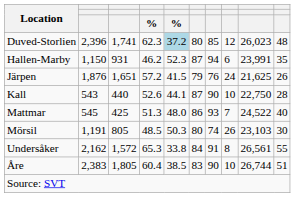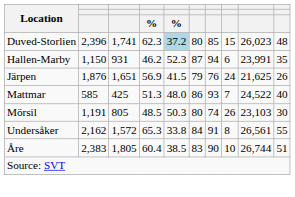 <table role="presentation" class="wikitable sortable mw-collapsible">
 <tr>
 <th rowspan="3">Location</th>
 <th></th>
 <th></th>
 <th></th>
 <th></th>
 <th></th>
 <th></th>
 <th></th>
 <th></th>
 <th></th>
 </tr>
 <tr>
 <th></th>
 <th></th>
 <th style="background:"></th>
 <th style="background:"></th>
 <th></th>
 <th></th>
 <th></th>
 <th></th>
 <th></th>
 </tr>
 <tr>
 <th data-sort-type="number"></th>
 <th data-sort-type="number"></th>
 <th data-sort-type="number">%</th>
 <th data-sort-type="number">%</th>
 <th data-sort-type="number"></th>
 <th data-sort-type="number"></th>
 <th data-sort-type="number"></th>
 <th data-sort-type="number"></th>
 <th data-sort-type="number"></th>
 </tr>
 <tr>
 <td align="left">Duved-Storlien</td>
 <td>2,396</td>
 <td>1,741</td>
 <td>62.3</td>
 <td style="background: lightblue;">37.2</td>
 <td>80</td>
 <td>85</td>
-<td>12</td>
+<td>15</td>
 <td>26,023</td>
 <td>48</td>
 </tr>
 <tr>
 <td align="left">Hallen-Marby</td>
 <td>1,150</td>
 <td>931</td>
 <td>46.2</td>
 <td>52.3</td>
 <td>87</td>
 <td>94</td>
 <td>6</td>
 <td>23,991</td>
 <td>35</td>
 </tr>
 <tr>
 <td align="left">Järpen</td>
 <td>1,876</td>
 <td>1,651</td>
-<td>57.2</td>
+<td>56.9</td>
 <td>41.5</td>
 <td>79</td>
 <td>76</td>
 <td>24</td>
 <td>21,625</td>
 <td>26</td>
 </tr>
 <tr>
-<td align="left">Kall</td>
-<td>543</td>
-<td>440</td>
-<td>52.6</td>
-<td>44.1</td>
-<td>87</td>
-<td>90</td>
-<td>10</td>
-<td>22,750</td>
-<td>28</td>
-</tr>
-<tr>
 <td align="left">Mattmar</td>
-<td>545</td>
+<td>585</td>
 <td>425</td>
 <td>51.3</td>
 <td>48.0</td>
 <td>86</td>
 <td>93</td>
 <td>7</td>
 <td>24,522</td>
 <td>40</td>
 </tr>
 <tr>
 <td align="left">Mörsil</td>
 <td>1,191</td>
 <td>805</td>
 <td>48.5</td>
 <td>50.3</td>
 <td>80</td>
 <td>74</td>
 <td>26</td>
 <td>23,103</td>
 <td>30</td>
 </tr>
 <tr>
 <td align="left">Undersåker</td>
 <td>2,162</td>
 <td>1,572</td>
 <td>65.3</td>
 <td>33.8</td>
 <td>84</td>
 <td>91</td>
 <td>8</td>
 <td>26,561</td>
 <td>55</td>
 </tr>
 <tr>
 <td align="left">Åre</td>
 <td>2,383</td>
 <td>1,805</td>
 <td>60.4</td>
 <td>38.5</td>
 <td>83</td>
 <td>90</td>
 <td>10</td>
 <td>26,744</td>
 <td>51</td>
 </tr>
 <tr>
 <td colspan="10" align="left">Source: <a href='#'>SVT</a></td>
 </tr>
 </table>
